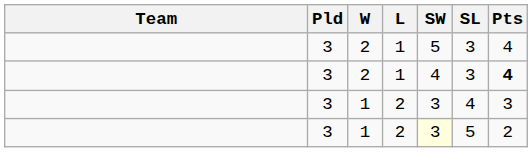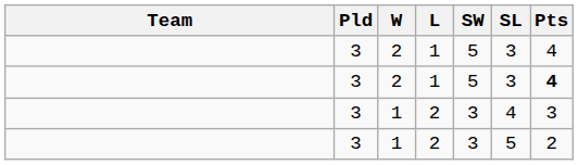 <table class=wikitable style="text-align:center">
 <tr>
 <th width=220>Team</th>
 <th width=20>Pld</th>
 <th width=20>W</th>
 <th width=20>L</th>
 <th width=20>SW</th>
 <th width=20>SL</th>
 <th width=20>Pts</th>
 </tr>
 <tr>
 <td align=left></td>
 <td>3</td>
 <td>2</td>
 <td>1</td>
 <td>5</td>
 <td>3</td>
 <td>4</td>
 </tr>
 <tr>
 <td align=left></td>
 <td>3</td>
 <td>2</td>
 <td>1</td>
-<td>4</td>
+<td>5</td>
 <td>3</td>
 <td><strong>4</strong></td>
 </tr>
 <tr>
 <td align=left></td>
 <td>3</td>
 <td>1</td>
 <td>2</td>
 <td>3</td>
 <td>4</td>
 <td>3</td>
 </tr>
 <tr>
 <td align=left></td>
 <td>3</td>
 <td>1</td>
 <td>2</td>
-<td style="background: lightyellow;">3</td>
+<td>3</td>
 <td>5</td>
 <td>2</td>
 </tr>
 </table>
